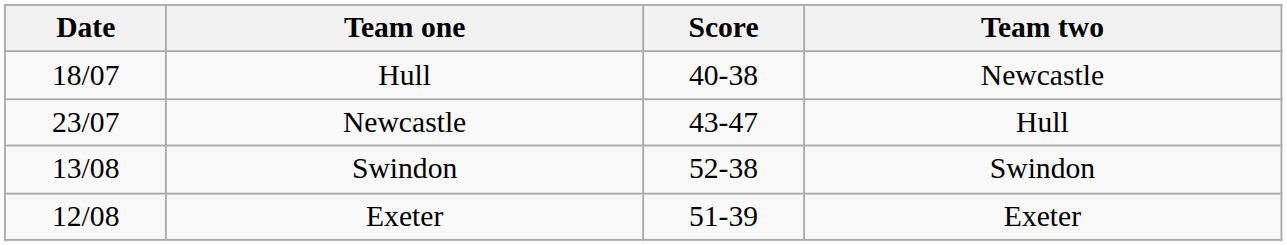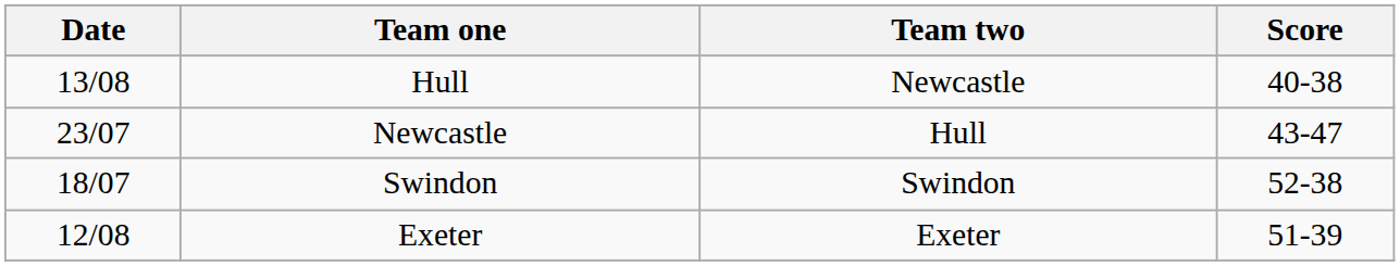 <table class="wikitable" style="text-align: center">
 <tr>
 <th width=80>Date</th>
 <th width=250>Team one</th>
+<th width=250>Team two</th>
 <th width=80>Score</th>
-<th width=250>Team two</th>
 </tr>
 <tr>
-<td>18/07</td>
+<td>13/08</td>
 <td>Hull</td>
+<td>Newcastle</td>
 <td>40-38</td>
-<td>Newcastle</td>
 </tr>
 <tr>
 <td>23/07</td>
 <td>Newcastle</td>
+<td>Hull</td>
 <td>43-47</td>
-<td>Hull</td>
 </tr>
 <tr>
-<td>13/08</td>
+<td>18/07</td>
+<td>Swindon</td>
 <td>Swindon</td>
 <td>52-38</td>
-<td>Swindon</td>
 </tr>
 <tr>
 <td>12/08</td>
 <td>Exeter</td>
+<td>Exeter</td>
 <td>51-39</td>
-<td>Exeter</td>
 </tr>
 </table>
